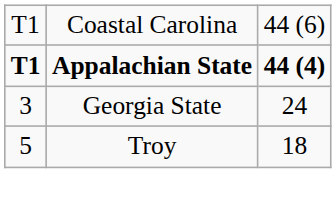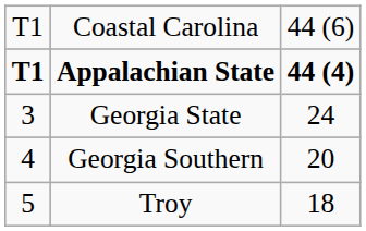 <table class="wikitable" style="display: inline-table;">
 <tr align="center">
 <td>T1</td>
 <td>Coastal Carolina</td>
 <td>44 (6)</td>
 </tr>
 <tr align="center">
 <td><strong>T1</strong></td>
 <td><strong>Appalachian State</strong></td>
 <td><strong>44 (4)</strong></td>
 </tr>
 <tr align="center">
 <td>3</td>
 <td>Georgia State</td>
 <td>24</td>
 </tr>
 <tr align="center">
+<td>4</td>
+<td>Georgia Southern</td>
+<td>20</td>
+</tr>
+<tr align="center">
 <td>5</td>
 <td>Troy</td>
 <td>18</td>
 </tr>
 </table>
